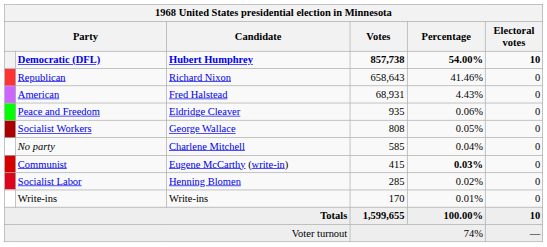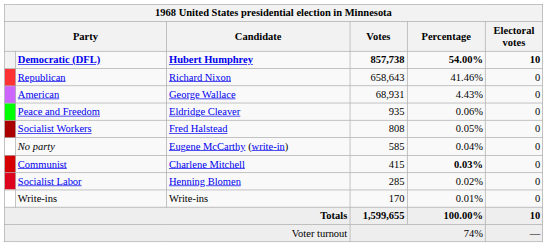 <table class="wikitable" style="font-size: 95%;">
 <tr>
 <th colspan="6">1968 United States presidential election in Minnesota</th>
 </tr>
 <tr>
 <th colspan="2" style="width: 15em">Party</th>
 <th style="width: 17em">Candidate</th>
 <th style="width: 5em">Votes</th>
 <th style="width: 7em">Percentage</th>
 <th style="width: 5em">Electoral votes</th>
 </tr>
 <tr>
 <th style="background-color:"></th>
 <td style="width: 130px"><strong><a href='#'>Democratic (DFL)</a></strong></td>
 <td><strong><a href='#'>Hubert Humphrey</a></strong></td>
 <td align="right"><strong>857,738</strong></td>
 <td align="right"><strong>54.00%</strong></td>
 <td align="right"><strong>10</strong></td>
 </tr>
 <tr>
 <th style="background-color:#FF3333; width: 3px"></th>
 <td style="width: 130px"><a href='#'>Republican</a></td>
 <td><a href='#'>Richard Nixon</a></td>
 <td align="right">658,643</td>
 <td align="right">41.46%</td>
 <td align="right">0</td>
 </tr>
 <tr>
 <th style="background-color:#CC66FF; width:3px;"></th>
 <td style="width: 130px"><a href='#'>American</a></td>
-<td><a href='#'>Fred Halstead</a></td>
+<td><a href='#'>George Wallace</a></td>
 <td style="text-align:right;">68,931</td>
 <td style="text-align:right;">4.43%</td>
 <td style="text-align:right;">0</td>
 </tr>
 <tr>
 <th style="background-color:#00FF00; width: 3px"></th>
 <td style="width: 130px"><a href='#'>Peace and Freedom</a></td>
 <td><a href='#'>Eldridge Cleaver</a></td>
 <td align="right">935</td>
 <td align="right">0.06%</td>
 <td align="right">0</td>
 </tr>
 <tr>
 <th style="background:#AA0000; width:3px;"></th>
 <td style="width: 130px"><a href='#'>Socialist Workers</a></td>
-<td><a href='#'>George Wallace</a></td>
+<td><a href='#'>Fred Halstead</a></td>
 <td style="text-align:right;">808</td>
 <td style="text-align:right;">0.05%</td>
 <td style="text-align:right;">0</td>
 </tr>
 <tr>
 <th style="background-color:#FFFFFF; width: 3px"></th>
 <td style="width: 130px"><em>No party</em></td>
-<td><a href='#'>Charlene Mitchell</a></td>
+<td><a href='#'>Eugene McCarthy</a> (<a href='#'>write-in</a>)</td>
 <td align="right">585</td>
 <td align="right">0.04%</td>
 <td align="right">0</td>
 </tr>
 <tr>
 <th style="background-color:#D50000; width: 3px"></th>
 <td style="width: 130px"><a href='#'>Communist</a></td>
-<td><a href='#'>Eugene McCarthy</a> (<a href='#'>write-in</a>)</td>
+<td><a href='#'>Charlene Mitchell</a></td>
 <td align="right">415</td>
 <td align="right"><strong>0.03%</strong></td>
 <td align="right">0</td>
 </tr>
 <tr>
 <th style="background-color:#DD051D; width: 3px"></th>
 <td style="width: 130px"><a href='#'>Socialist Labor</a></td>
 <td><a href='#'>Henning Blomen</a></td>
 <td align="right">285</td>
 <td align="right">0.02%</td>
 <td align="right">0</td>
 </tr>
 <tr>
 <th style="background-color:#FFFFFF; width: 3px"></th>
 <td style="width: 130px">Write-ins</td>
 <td>Write-ins</td>
 <td align="right">170</td>
 <td align="right">0.01%</td>
 <td align="right">0</td>
 </tr>
 <tr bgcolor="#EEEEEE">
 <td colspan="3" align="right"><strong>Totals</strong></td>
 <td align="right"><strong>1,599,655</strong></td>
 <td align="right"><strong>100.00%</strong></td>
 <td align="right"><strong>10</strong></td>
 </tr>
 <tr bgcolor="#EEEEEE">
 <td colspan="3" align="right">Voter turnout</td>
 <td colspan="2" align="right">74%</td>
 <td align="right">—</td>
 </tr>
 </table>
